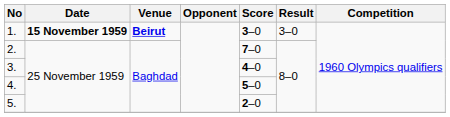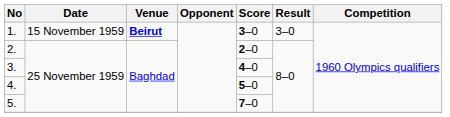 <table class="wikitable" style="font-size:100%;">
 <tr>
 <th>No</th>
 <th>Date</th>
 <th>Venue</th>
 <th>Opponent</th>
 <th>Score</th>
 <th>Result</th>
 <th>Competition</th>
 </tr>
 <tr>
 <td>1.</td>
-<td><strong>15 November 1959</strong></td>
+<td>15 November 1959</td>
 <td><strong><a href='#'>Beirut</a></strong></td>
 <td rowspan="5"></td>
 <td><strong>3</strong>–0</td>
 <td>3–0</td>
 <td rowspan="5"><a href='#'>1960 Olympics qualifiers</a></td>
 </tr>
 <tr>
 <td>2.</td>
 <td rowspan="4">25 November 1959</td>
 <td rowspan="4"><a href='#'>Baghdad</a></td>
-<td><strong>7</strong>–0</td>
+<td><strong>2</strong>–0</td>
 <td rowspan="4">8–0</td>
 </tr>
 <tr>
 <td>3.</td>
 <td><strong>4</strong>–0</td>
 </tr>
 <tr>
 <td>4.</td>
 <td><strong>5</strong>–0</td>
 </tr>
 <tr>
 <td>5.</td>
-<td><strong>2</strong>–0</td>
+<td><strong>7</strong>–0</td>
 </tr>
 <tr>
 </tr>
 </table>
